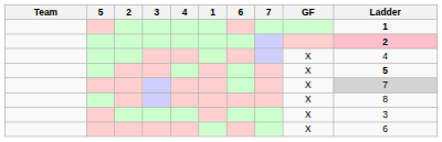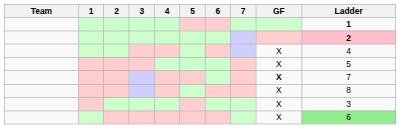 <table class="wikitable sortable" style="font-size:85%; text-align:center; width:50%">
 <tr valign="top">
 <th valign="middle">Team</th>
-<th>5</th>
+<th>1</th>
 <th>2</th>
 <th>3</th>
 <th>4</th>
-<th>1</th>
+<th>5</th>
 <th>6</th>
 <th>7</th>
 <th>GF</th>
 <th valign="middle">Ladder</th>
 </tr>
 <tr>
 <td align="left"></td>
-<td style="background-color:#FFCFCF;"></td>
 <td style="background-color:#CCFFCC;"></td>
 <td style="background-color:#CCFFCC;"></td>
 <td style="background-color:#CCFFCC;"></td>
 <td style="background-color:#CCFFCC;"></td>
+<td style="background-color:#FFCFCF;"></td>
 <td style="background-color:#FFCFCF;"></td>
 <td style="background-color:#CCFFCC;"></td>
 <td style="background-color:#CCFFCC;"></td>
 <td><strong>1</strong></td>
 </tr>
 <tr>
 <td align="left"></td>
 <td style="background-color:#CCFFCC;"></td>
 <td style="background-color:#CCFFCC;"></td>
 <td style="background-color:#CCFFCC;"></td>
 <td style="background-color:#CCFFCC;"></td>
 <td style="background-color:#CCFFCC;"></td>
 <td style="background-color:#CCFFCC;"></td>
 <td style="background-color:#CFCFFF;"></td>
 <td style="background-color:#FFCFCF;"></td>
 <td style="background: pink;"><strong>2</strong></td>
 </tr>
 <tr>
 <td align="left"></td>
 <td style="background-color:#CCFFCC;"></td>
 <td style="background-color:#CCFFCC;"></td>
 <td style="background-color:#FFCFCF;"></td>
 <td style="background-color:#FFCFCF;"></td>
 <td style="background-color:#CCFFCC;"></td>
 <td style="background-color:#FFCFCF;"></td>
 <td style="background-color:#CFCFFF;"></td>
 <td>X</td>
 <td>4</td>
 </tr>
 <tr>
 <td align="left"></td>
-<td style="background-color:#CCFFCC;"></td>
+<td style="background-color:#FFCFCF;"></td>
 <td style="background-color:#FFCFCF;"></td>
 <td style="background-color:#FFCFCF;"></td>
 <td style="background-color:#CCFFCC;"></td>
-<td style="background-color:#FFCFCF;"></td>
+<td style="background-color:#CCFFCC;"></td>
 <td style="background-color:#CCFFCC;"></td>
 <td style="background-color:#FFCFCF;"></td>
 <td>X</td>
-<td><strong>5</strong></td>
+<td>5</td>
 </tr>
 <tr>
 <td align="left"></td>
 <td style="background-color:#FFCFCF;"></td>
 <td style="background-color:#FFCFCF;"></td>
 <td style="background-color:#CFCFFF;"></td>
 <td style="background-color:#FFCFCF;"></td>
 <td style="background-color:#FFCFCF;"></td>
 <td style="background-color:#CCFFCC;"></td>
 <td style="background-color:#FFCFCF;"></td>
-<td>X</td>
-<td style="background: lightgrey;">7</td>
+<td><strong>X</strong></td>
+<td>7</td>
 </tr>
 <tr>
 <td align="left"></td>
-<td style="background-color:#CCFFCC;"></td>
+<td style="background-color:#FFCFCF;"></td>
 <td style="background-color:#FFCFCF;"></td>
 <td style="background-color:#CFCFFF;"></td>
 <td style="background-color:#FFCFCF;"></td>
-<td style="background-color:#FFCFCF;"></td>
+<td style="background-color:#CCFFCC;"></td>
 <td style="background-color:#FFCFCF;"></td>
 <td style="background-color:#FFCFCF;"></td>
 <td>X</td>
 <td>8</td>
 </tr>
 <tr>
 <td align="left"></td>
 <td style="background-color:#FFCFCF;"></td>
 <td style="background-color:#CCFFCC;"></td>
 <td style="background-color:#CCFFCC;"></td>
 <td style="background-color:#CCFFCC;"></td>
 <td style="background-color:#FFCFCF;"></td>
 <td style="background-color:#CCFFCC;"></td>
 <td style="background-color:#CCFFCC;"></td>
 <td>X</td>
 <td>3</td>
 </tr>
 <tr>
 <td align="left"></td>
+<td style="background-color:#CCFFCC;"></td>
+<td style="background-color:#FFCFCF;"></td>
 <td style="background-color:#FFCFCF;"></td>
 <td style="background-color:#FFCFCF;"></td>
 <td style="background-color:#FFCFCF;"></td>
 <td style="background-color:#FFCFCF;"></td>
 <td style="background-color:#CCFFCC;"></td>
-<td style="background-color:#FFCFCF;"></td>
-<td style="background-color:#CCFFCC;"></td>
 <td>X</td>
-<td>6</td>
+<td style="background: lightgreen;">6</td>
 </tr>
 </table>
